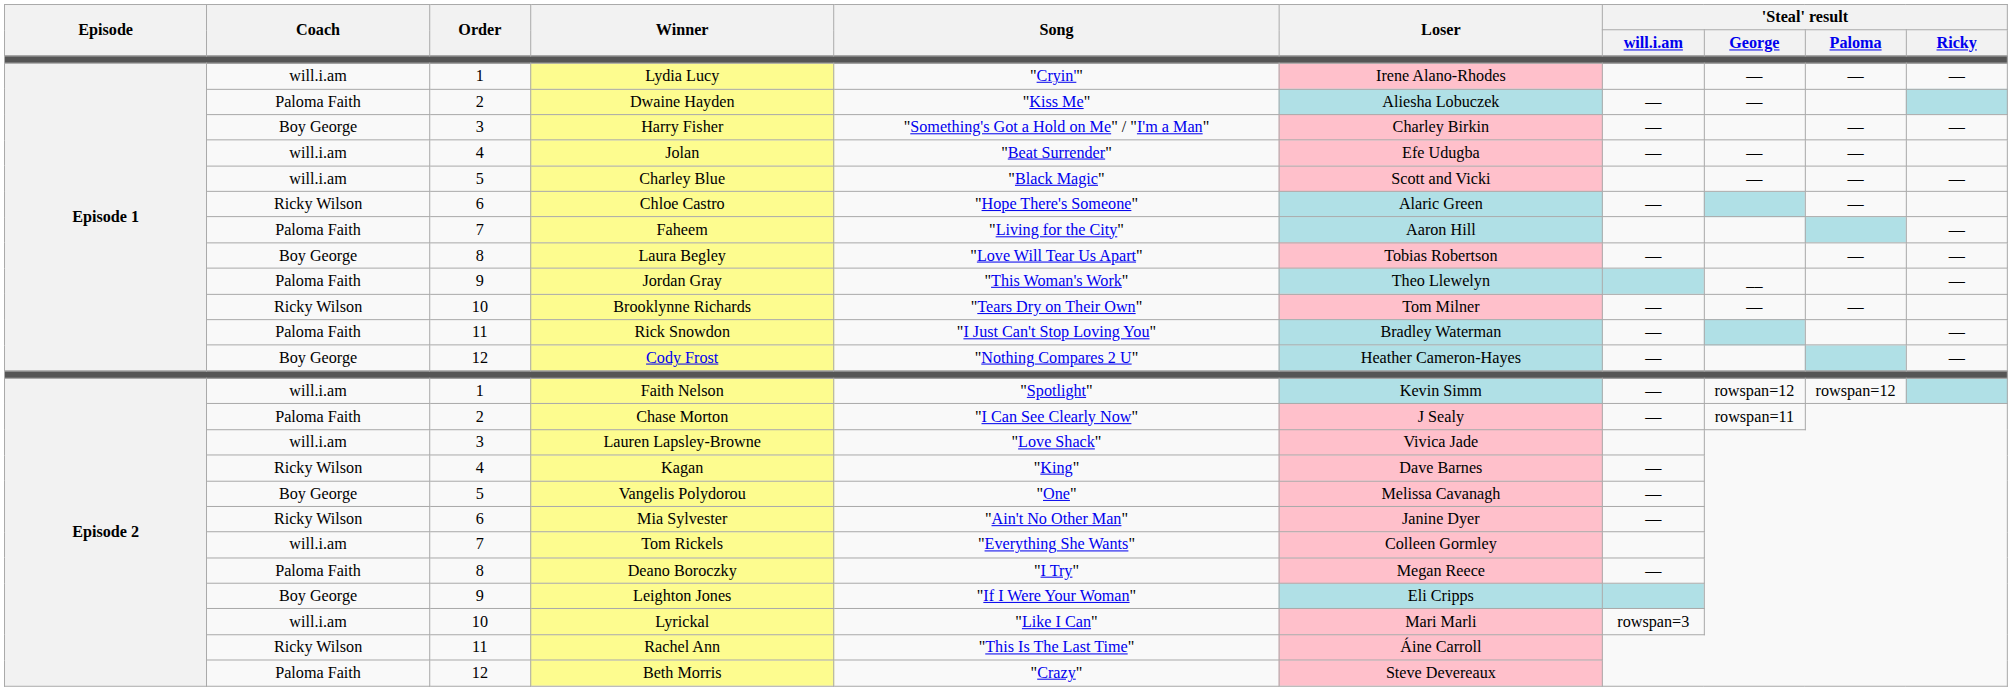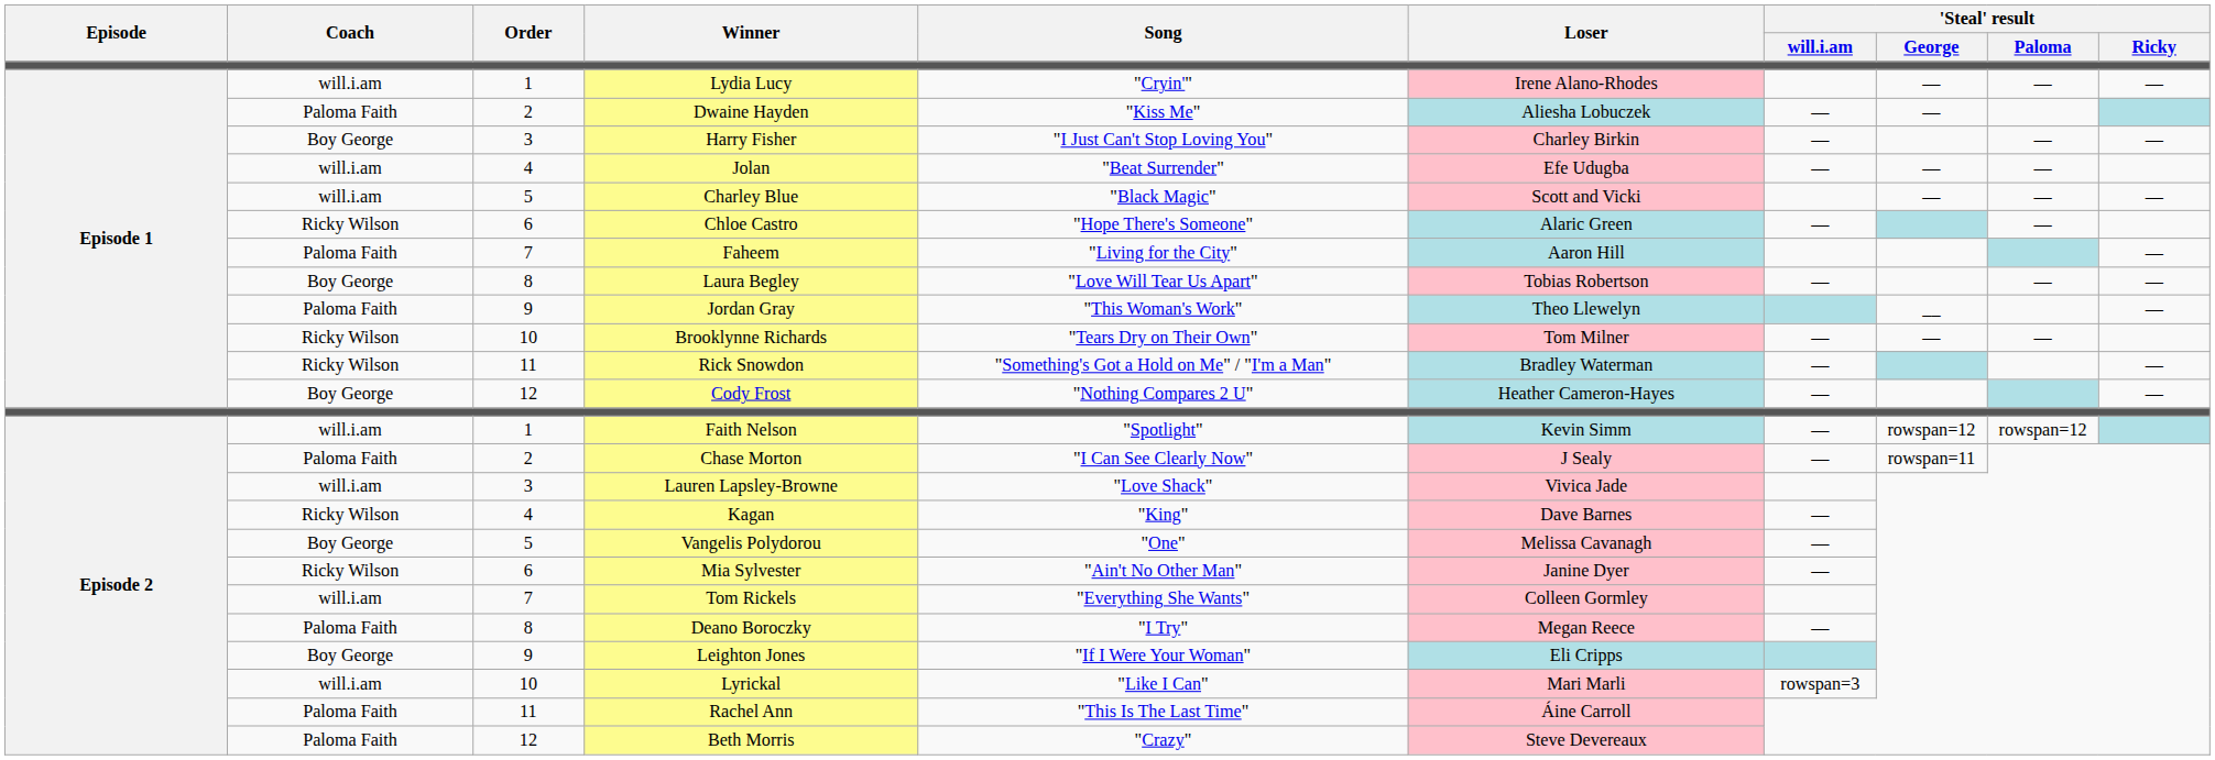 <table class="wikitable" style="text-align: center; width:100%;">
 <tr>
 <th rowspan="2" width="10%">Episode</th>
 <th rowspan="2" width="11%">Coach</th>
 <th rowspan="2" width="05%">Order</th>
 <th rowspan="2" width="15%">Winner</th>
 <th rowspan="2" width="22%">Song</th>
 <th rowspan="2" width="16%">Loser</th>
 <th colspan="4" width="20%">'Steal' result</th>
 </tr>
 <tr>
 <th style="width:05%;"><a href='#'>will.i.am</a></th>
 <th style="width:05%;"><a href='#'>George</a></th>
 <th style="width:05%;"><a href='#'>Paloma</a></th>
 <th style="width:05%;"><a href='#'>Ricky</a></th>
 </tr>
 <tr>
 <td colspan="10" style="background:#555555;"></td>
 </tr>
 <tr>
 <th rowspan="12">Episode 1<br><small></small></th>
 <td>will.i.am</td>
 <td>1</td>
 <td style="background:#fdfc8f;text-align:center;">Lydia Lucy</td>
 <td>"<a href='#'>Cryin'</a>"</td>
 <td style="background:pink;text-align:center;">Irene Alano-Rhodes</td>
 <td></td>
 <td>—</td>
 <td>—</td>
 <td>—</td>
 </tr>
 <tr>
 <td>Paloma Faith</td>
 <td>2</td>
 <td style="background:#fdfc8f;text-align:center;">Dwaine Hayden</td>
 <td>"<a href='#'>Kiss Me</a>"</td>
 <td style="background:#b0e0e6;text-align:center;">Aliesha Lobuczek</td>
 <td>—</td>
 <td>—</td>
 <td></td>
 <td style="background:#b0e0e6;"><strong></strong></td>
 </tr>
 <tr>
 <td>Boy George</td>
 <td>3</td>
 <td style="background:#fdfc8f;text-align:center;">Harry Fisher</td>
-<td>"<a href='#'>Something's Got a Hold on Me</a>" / "<a href='#'>I'm a Man</a>"</td>
+<td>"<a href='#'>I Just Can't Stop Loving You</a>"</td>
 <td style="background:pink;text-align:center;">Charley Birkin</td>
 <td>—</td>
 <td></td>
 <td>—</td>
 <td>—</td>
 </tr>
 <tr>
 <td>will.i.am</td>
 <td>4</td>
 <td style="background:#fdfc8f;text-align:center;">Jolan</td>
 <td>"<a href='#'>Beat Surrender</a>"</td>
 <td style="background:pink;text-align:center;">Efe Udugba</td>
 <td>—</td>
 <td>—</td>
 <td>—</td>
 <td></td>
 </tr>
 <tr>
 <td>will.i.am</td>
 <td>5</td>
 <td style="background:#fdfc8f;text-align:center;">Charley Blue</td>
 <td>"<a href='#'>Black Magic</a>"</td>
 <td style="background:pink;text-align:center;">Scott and Vicki</td>
 <td></td>
 <td>—</td>
 <td>—</td>
 <td>—</td>
 </tr>
 <tr>
 <td>Ricky Wilson</td>
 <td>6</td>
 <td style="background:#fdfc8f;text-align:center;">Chloe Castro</td>
 <td>"<a href='#'>Hope There's Someone</a>"</td>
 <td style="background:#b0e0e6;text-align:center;">Alaric Green</td>
 <td>—</td>
 <td style="background:#b0e0e6;"><strong></strong></td>
 <td>—</td>
 <td></td>
 </tr>
 <tr>
 <td>Paloma Faith</td>
 <td>7</td>
 <td style="background:#fdfc8f;text-align:center;">Faheem</td>
 <td>"<a href='#'>Living for the City</a>"</td>
 <td style="background:#b0e0e6;text-align:center;">Aaron Hill</td>
 <td></td>
 <td><strong></strong></td>
 <td style="background:#b0e0e6;"><strong></strong></td>
 <td>—</td>
 </tr>
 <tr>
 <td>Boy George</td>
 <td>8</td>
 <td style="background:#fdfc8f;text-align:center;">Laura Begley</td>
 <td>"<a href='#'>Love Will Tear Us Apart</a>"</td>
 <td style="background:pink;text-align;center;">Tobias Robertson</td>
 <td>—</td>
 <td></td>
 <td>—</td>
 <td>—</td>
 </tr>
 <tr>
 <td>Paloma Faith</td>
 <td>9</td>
 <td style="background:#fdfc8f;text-align;center;">Jordan Gray</td>
 <td>"<a href='#'>This Woman's Work</a>"</td>
 <td style="background:#b0e0e6;text-align:center;">Theo Llewelyn</td>
 <td style="background:#b0e0e6;"><strong></strong></td>
 <td>__</td>
 <td></td>
 <td>—</td>
 </tr>
 <tr>
 <td>Ricky Wilson</td>
 <td>10</td>
 <td style="background:#fdfc8f;text-align:center;">Brooklynne Richards</td>
 <td>"<a href='#'>Tears Dry on Their Own</a>"</td>
 <td style="background:pink;text-align;center;">Tom Milner</td>
 <td>—</td>
 <td>—</td>
 <td>—</td>
 <td></td>
 </tr>
 <tr>
-<td>Paloma Faith</td>
+<td>Ricky Wilson</td>
 <td>11</td>
 <td style="background:#fdfc8f;text-align;center;">Rick Snowdon</td>
-<td>"<a href='#'>I Just Can't Stop Loving You</a>"</td>
+<td>"<a href='#'>Something's Got a Hold on Me</a>" / "<a href='#'>I'm a Man</a>"</td>
 <td style="background:#b0e0e6;text-align:center;">Bradley Waterman</td>
 <td>—</td>
 <td style="background:#b0e0e6;"><strong></strong></td>
 <td></td>
 <td>—</td>
 </tr>
 <tr>
 <td>Boy George</td>
 <td>12</td>
 <td style="background:#fdfc8f;text-align;center;"><a href='#'>Cody Frost</a></td>
 <td>"<a href='#'>Nothing Compares 2 U</a>"</td>
 <td style="background:#b0e0e6;text-align:center;">Heather Cameron-Hayes</td>
 <td>—</td>
 <td></td>
 <td style="background:#b0e0e6;"><strong></strong></td>
 <td>—</td>
 </tr>
 <tr>
 <td colspan="10" style="background:#555555;"></td>
 </tr>
 <tr>
 <th rowspan="12">Episode 2<br><small></small></th>
 <td>will.i.am</td>
 <td>1</td>
 <td style="background:#fdfc8f;text-align:center;">Faith Nelson</td>
 <td>"<a href='#'>Spotlight</a>"</td>
 <td style="background:#b0e0e6;text-align:center;">Kevin Simm</td>
 <td>—</td>
 <td>rowspan=12 </td>
 <td>rowspan=12 </td>
 <td style="background:#b0e0e6;"><strong></strong></td>
 </tr>
 <tr>
 <td>Paloma Faith</td>
 <td>2</td>
 <td style="background:#fdfc8f;text-align:center;">Chase Morton</td>
 <td>"<a href='#'>I Can See Clearly Now</a>"</td>
 <td style="background:pink;text-align:center;">J Sealy</td>
 <td>—</td>
 <td>rowspan=11 </td>
 </tr>
 <tr>
 <td>will.i.am</td>
 <td>3</td>
 <td style="background:#fdfc8f;text-align:center;">Lauren Lapsley-Browne</td>
 <td>"<a href='#'>Love Shack</a>"</td>
 <td style="background:pink;text-align:center;">Vivica Jade</td>
 <td></td>
 </tr>
 <tr>
 <td>Ricky Wilson</td>
 <td>4</td>
 <td style="background:#fdfc8f;text-align:center;">Kagan</td>
 <td>"<a href='#'>King</a>"</td>
 <td style="background:pink;text-align:center;">Dave Barnes</td>
 <td>—</td>
 </tr>
 <tr>
 <td>Boy George</td>
 <td>5</td>
 <td style="background:#fdfc8f;text-align:center;">Vangelis Polydorou</td>
 <td>"<a href='#'>One</a>"</td>
 <td style="background:pink;text-align:center;">Melissa Cavanagh</td>
 <td>—</td>
 </tr>
 <tr>
 <td>Ricky Wilson</td>
 <td>6</td>
 <td style="background:#fdfc8f;text-align:center;">Mia Sylvester</td>
 <td>"<a href='#'>Ain't No Other Man</a>"</td>
 <td style="background:pink;text-align:center;">Janine Dyer</td>
 <td>—</td>
 </tr>
 <tr>
 <td>will.i.am</td>
 <td>7</td>
 <td style="background:#fdfc8f;text-align:center;">Tom Rickels</td>
 <td>"<a href='#'>Everything She Wants</a>"</td>
 <td style="background:pink;text-align:center;">Colleen Gormley</td>
 <td></td>
 </tr>
 <tr>
 <td>Paloma Faith</td>
 <td>8</td>
 <td style="background:#fdfc8f;text-align:center;">Deano Boroczky</td>
 <td>"<a href='#'>I Try</a>"</td>
 <td style="background:pink;text-align:center;">Megan Reece</td>
 <td>—</td>
 </tr>
 <tr>
 <td>Boy George</td>
 <td>9</td>
 <td style="background:#fdfc8f;text-align:center;">Leighton Jones</td>
 <td>"<a href='#'>If I Were Your Woman</a>"</td>
 <td style="background:#b0e0e6;text-align:center;">Eli Cripps</td>
 <td style="background:#b0e0e6;"><strong></strong></td>
 </tr>
 <tr>
 <td>will.i.am</td>
 <td>10</td>
 <td style="background:#fdfc8f;text-align:center;">Lyrickal</td>
 <td>"<a href='#'>Like I Can</a>"</td>
 <td style="background:pink;text-align:center;">Mari Marli</td>
 <td>rowspan=3 </td>
 </tr>
 <tr>
-<td>Ricky Wilson</td>
+<td>Paloma Faith</td>
 <td>11</td>
 <td style="background:#fdfc8f;text-align:center;">Rachel Ann</td>
 <td>"<a href='#'>This Is The Last Time</a>"</td>
 <td style="background:pink;text-align:center;">Áine Carroll</td>
 </tr>
 <tr>
 <td>Paloma Faith</td>
 <td>12</td>
 <td style="background:#fdfc8f;text-align:center;">Beth Morris</td>
 <td>"<a href='#'>Crazy</a>"</td>
 <td style="background:pink;text-align:center;">Steve Devereaux</td>
 </tr>
 </table>
